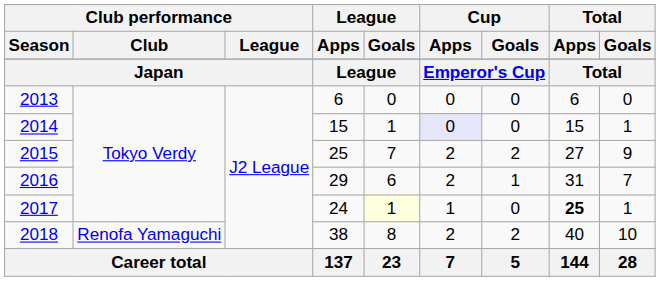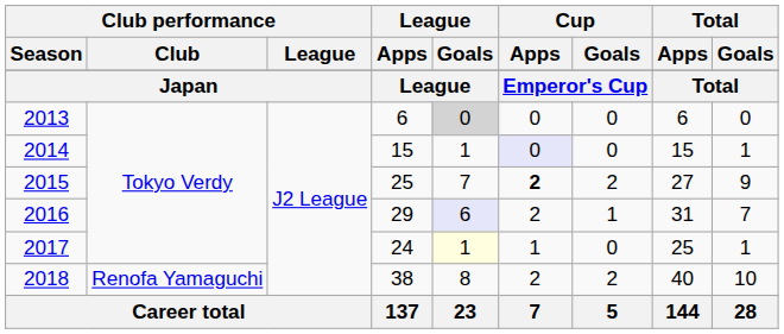 <table class="wikitable" style="text-align:center">
 <tr>
 <th colspan=3>Club performance</th>
 <th colspan=2>League</th>
 <th colspan=2>Cup</th>
 <th colspan=2>Total</th>
 </tr>
 <tr>
 <th>Season</th>
 <th>Club</th>
 <th>League</th>
 <th>Apps</th>
 <th>Goals</th>
 <th>Apps</th>
 <th>Goals</th>
 <th>Apps</th>
 <th>Goals</th>
 </tr>
 <tr>
 </tr>
 <tr>
 <th colspan=3>Japan</th>
 <th colspan=2>League</th>
 <th colspan=2><a href='#'>Emperor's Cup</a></th>
 <th colspan=2>Total</th>
 </tr>
 <tr>
 <td><a href='#'>2013</a></td>
 <td rowspan="5"><a href='#'>Tokyo Verdy</a></td>
 <td rowspan="6"><a href='#'>J2 League</a></td>
 <td>6</td>
-<td>0</td>
+<td style="background: lightgrey;">0</td>
 <td>0</td>
 <td>0</td>
 <td>6</td>
 <td>0</td>
 </tr>
 <tr>
 <td><a href='#'>2014</a></td>
 <td>15</td>
 <td>1</td>
 <td style="background: lavender;">0</td>
 <td>0</td>
 <td>15</td>
 <td>1</td>
 </tr>
 <tr>
 <td><a href='#'>2015</a></td>
 <td>25</td>
 <td>7</td>
-<td>2</td>
+<td><strong>2</strong></td>
 <td>2</td>
 <td>27</td>
 <td>9</td>
 </tr>
 <tr>
 <td><a href='#'>2016</a></td>
 <td>29</td>
-<td>6</td>
+<td style="background: lavender;">6</td>
 <td>2</td>
 <td>1</td>
 <td>31</td>
 <td>7</td>
 </tr>
 <tr>
 <td><a href='#'>2017</a></td>
 <td>24</td>
 <td style="background: lightyellow;">1</td>
 <td>1</td>
 <td>0</td>
-<td><strong>25</strong></td>
+<td>25</td>
 <td>1</td>
 </tr>
 <tr>
 <td><a href='#'>2018</a></td>
 <td rowspan=1><a href='#'>Renofa Yamaguchi</a></td>
 <td>38</td>
 <td>8</td>
 <td>2</td>
 <td>2</td>
 <td>40</td>
 <td>10</td>
 </tr>
 <tr>
 <th colspan="3">Career total</th>
 <th>137</th>
 <th>23</th>
 <th>7</th>
 <th>5</th>
 <th>144</th>
 <th>28</th>
 </tr>
 </table>
